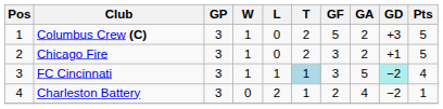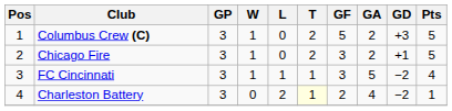 <table class="wikitable" style="text-align:center">
 <tr>
 <th width=30>Pos</th>
 <th width=210>Club</th>
 <th width=30>GP</th>
 <th width=30>W</th>
 <th width=30>L</th>
 <th width=30>T</th>
 <th width=30>GF</th>
 <th width=30>GA</th>
 <th width=30>GD</th>
 <th width=30>Pts</th>
 </tr>
 <tr>
 <td>1</td>
 <td style="text-align:left;"><a href='#'>Columbus Crew</a> <strong>(C)</strong></td>
 <td>3</td>
 <td>1</td>
 <td>0</td>
 <td>2</td>
 <td>5</td>
 <td>2</td>
 <td>+3</td>
 <td>5</td>
 </tr>
 <tr>
 <td>2</td>
 <td style="text-align:left;"><a href='#'>Chicago Fire</a></td>
 <td>3</td>
 <td>1</td>
 <td>0</td>
 <td>2</td>
 <td>3</td>
 <td>2</td>
 <td>+1</td>
 <td>5</td>
 </tr>
 <tr>
 <td>3</td>
 <td style="text-align:left;"><a href='#'>FC Cincinnati</a></td>
 <td>3</td>
 <td>1</td>
 <td>1</td>
-<td style="background: lightblue;">1</td>
+<td>1</td>
 <td>3</td>
 <td>5</td>
-<td style="background: paleturquoise;">−2</td>
+<td>−2</td>
 <td>4</td>
 </tr>
 <tr>
 <td>4</td>
 <td style="text-align:left;"><a href='#'>Charleston Battery</a></td>
 <td>3</td>
 <td>0</td>
 <td>2</td>
-<td>1</td>
+<td style="background: lightyellow;">1</td>
 <td>2</td>
 <td>4</td>
 <td>−2</td>
 <td>1</td>
 </tr>
 <tr>
 </tr>
 </table>
